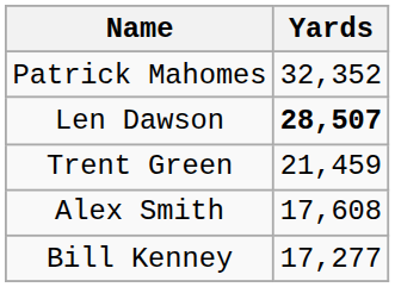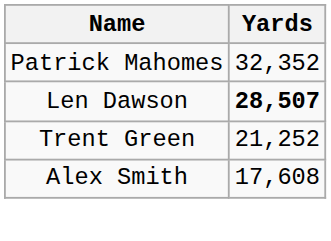 <table class="wikitable sortable" style="text-align:center">
 <tr>
 <th>Name</th>
 <th>Yards</th>
 </tr>
 <tr>
 <td>Patrick Mahomes</td>
 <td>32,352</td>
 </tr>
 <tr>
 <td>Len Dawson</td>
 <td><strong>28,507</strong></td>
 </tr>
 <tr>
 <td>Trent Green</td>
-<td>21,459</td>
+<td>21,252</td>
 </tr>
 <tr>
 <td>Alex Smith</td>
 <td>17,608</td>
 </tr>
-<tr>
-<td>Bill Kenney</td>
-<td>17,277</td>
-</tr>
 </table>
